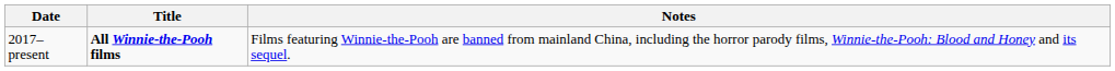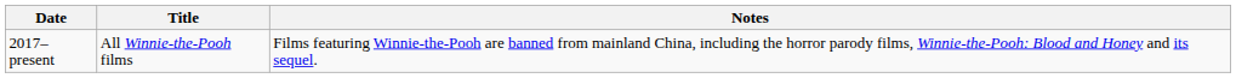 <table class="wikitable sortable">
 <tr>
 <th>Date</th>
 <th>Title</th>
 <th>Notes</th>
 </tr>
 <tr>
 <td>2017–present</td>
-<td><strong>All <em><a href='#'>Winnie-the-Pooh</a></em> films</strong></td>
+<td>All <em><a href='#'>Winnie-the-Pooh</a></em> films</td>
 <td>Films featuring <a href='#'>Winnie-the-Pooh</a> are <a href='#'>banned</a> from mainland China, including the horror parody films, <em><a href='#'>Winnie-the-Pooh: Blood and Honey</a></em> and <a href='#'>its sequel</a>.</td>
 </tr>
 </table>
